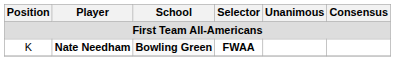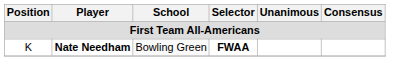 <table class="wikitable" border="0">
 <tr>
 <th>Position</th>
 <th>Player</th>
 <th>School</th>
 <th>Selector</th>
 <th>Unanimous</th>
 <th>Consensus</th>
 </tr>
 <tr>
 <td colspan="6" style="text-align:center; background:#ddd;"><strong>First Team All-Americans</strong></td>
 </tr>
 <tr style="text-align:center;">
 <td style="background:white">K</td>
 <td style="background:white"><strong>Nate Needham</strong></td>
-<td style=><strong>Bowling Green</strong></td>
+<td style=>Bowling Green</td>
 <td style="background:white"><strong>FWAA</strong></td>
 <td style="background:white"></td>
 <td style="background:white"></td>
 </tr>
 <tr>
 </tr>
 </table>
